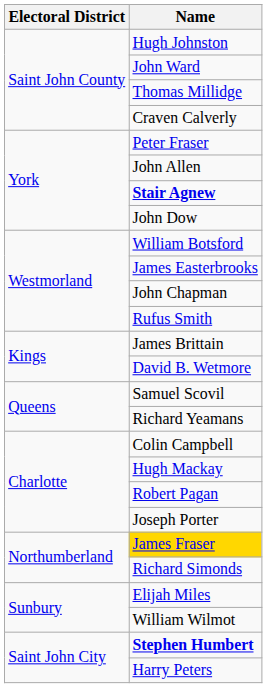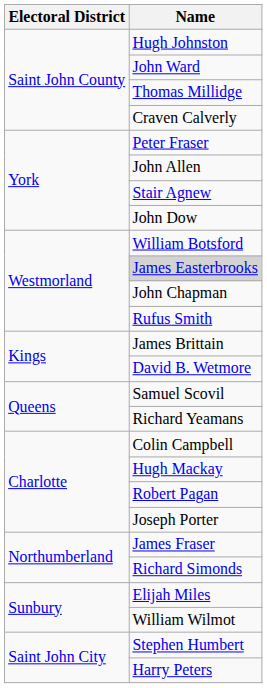 <table class="wikitable">
 <tr>
 <th>Electoral District</th>
 <th>Name</th>
 </tr>
 <tr>
 <td rowspan="4"><a href='#'>Saint John County</a></td>
 <td><a href='#'>Hugh Johnston</a></td>
 </tr>
 <tr>
 <td><a href='#'>John Ward</a></td>
 </tr>
 <tr>
 <td><a href='#'>Thomas Millidge</a></td>
 </tr>
 <tr>
 <td>Craven Calverly</td>
 </tr>
 <tr>
 <td rowspan="4"><a href='#'>York</a></td>
 <td><a href='#'>Peter Fraser</a></td>
 </tr>
 <tr>
 <td>John Allen</td>
 </tr>
 <tr>
-<td><strong><a href='#'>Stair Agnew</a></strong></td>
+<td><a href='#'>Stair Agnew</a></td>
 </tr>
 <tr>
 <td>John Dow</td>
 </tr>
 <tr>
 <td rowspan="4"><a href='#'>Westmorland</a></td>
 <td><a href='#'>William Botsford</a></td>
 </tr>
 <tr>
-<td><a href='#'>James Easterbrooks</a></td>
+<td style="background: lightgrey;"><a href='#'>James Easterbrooks</a></td>
 </tr>
 <tr>
 <td>John Chapman</td>
 </tr>
 <tr>
 <td><a href='#'>Rufus Smith</a></td>
 </tr>
 <tr>
 <td rowspan="2"><a href='#'>Kings</a></td>
 <td>James Brittain</td>
 </tr>
 <tr>
 <td><a href='#'>David B. Wetmore</a></td>
 </tr>
 <tr>
 <td rowspan="2"><a href='#'>Queens</a></td>
 <td>Samuel Scovil</td>
 </tr>
 <tr>
 <td>Richard Yeamans</td>
 </tr>
 <tr>
 <td rowspan="4"><a href='#'>Charlotte</a></td>
 <td>Colin Campbell</td>
 </tr>
 <tr>
 <td><a href='#'>Hugh Mackay</a></td>
 </tr>
 <tr>
 <td><a href='#'>Robert Pagan</a></td>
 </tr>
 <tr>
 <td>Joseph Porter</td>
 </tr>
 <tr>
 <td rowspan="2"><a href='#'>Northumberland</a></td>
-<td style="background: gold;"><a href='#'>James Fraser</a></td>
+<td><a href='#'>James Fraser</a></td>
 </tr>
 <tr>
 <td><a href='#'>Richard Simonds</a></td>
 </tr>
 <tr>
 <td rowspan="2"><a href='#'>Sunbury</a></td>
 <td><a href='#'>Elijah Miles</a></td>
 </tr>
 <tr>
 <td>William Wilmot</td>
 </tr>
 <tr>
 <td rowspan="2"><a href='#'>Saint John City</a></td>
-<td><strong><a href='#'>Stephen Humbert</a></strong></td>
+<td><a href='#'>Stephen Humbert</a></td>
 </tr>
 <tr>
 <td><a href='#'>Harry Peters</a></td>
 </tr>
 </table>
